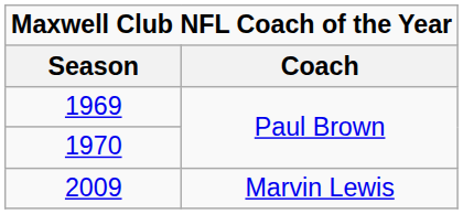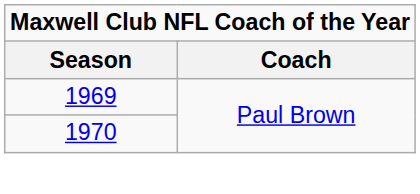 <table class="wikitable sortable" style="text-align:center">
 <tr>
 <td colspan="2"><strong>Maxwell Club NFL Coach of the Year</strong></td>
 </tr>
 <tr>
 <th>Season</th>
 <th>Coach</th>
 </tr>
 <tr>
 <td><a href='#'>1969</a></td>
 <td rowspan=2><a href='#'>Paul Brown</a></td>
 </tr>
 <tr>
 <td><a href='#'>1970</a></td>
 </tr>
-<tr>
-<td><a href='#'>2009</a></td>
-<td><a href='#'>Marvin Lewis</a></td>
-</tr>
 </table>
